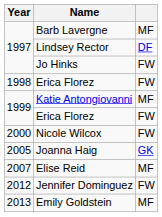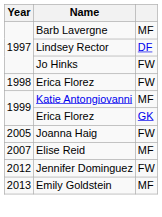 <table class="wikitable" style="text-align: ">
 <tr>
 <th>Year</th>
 <th>Name</th>
 <th></th>
 </tr>
 <tr>
 <td rowspan=3>1997</td>
 <td>Barb Lavergne</td>
 <td>MF</td>
 </tr>
 <tr>
 <td>Lindsey Rector</td>
 <td><a href='#'>DF</a></td>
 </tr>
 <tr>
 <td>Jo Hinks</td>
 <td>FW</td>
 </tr>
 <tr>
 <td>1998</td>
 <td>Erica Florez</td>
 <td>FW</td>
 </tr>
 <tr>
 <td rowspan=2>1999</td>
 <td><a href='#'>Katie Antongiovanni</a></td>
 <td>MF</td>
 </tr>
 <tr>
 <td>Erica Florez</td>
-<td>FW</td>
-</tr>
-<tr>
-<td>2000</td>
-<td>Nicole Wilcox</td>
-<td>FW</td>
+<td><a href='#'>GK</a></td>
 </tr>
 <tr>
 <td>2005</td>
 <td>Joanna Haig</td>
-<td><a href='#'>GK</a></td>
+<td>FW</td>
 </tr>
 <tr>
 <td>2007</td>
 <td>Elise Reid</td>
 <td>MF</td>
 </tr>
 <tr>
 <td>2012</td>
 <td>Jennifer Dominguez</td>
 <td>FW</td>
 </tr>
 <tr>
 <td>2013</td>
 <td>Emily Goldstein</td>
 <td>MF</td>
 </tr>
 </table>
